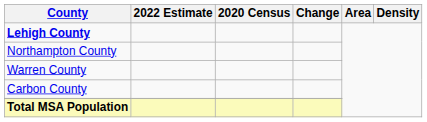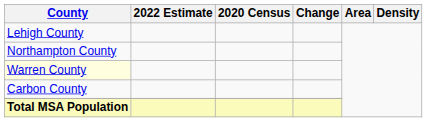 <table class="wikitable sortable">
 <tr>
 <th><a href='#'>County</a></th>
 <th>2022 Estimate</th>
 <th>2020 Census</th>
 <th>Change</th>
 <th>Area</th>
 <th>Density</th>
 </tr>
 <tr>
-<td><strong><a href='#'>Lehigh County</a></strong></td>
+<td><a href='#'>Lehigh County</a></td>
 <td></td>
 <td></td>
 <td></td>
 </tr>
 <tr>
 <td><a href='#'>Northampton County</a></td>
 <td></td>
 <td></td>
 <td></td>
 </tr>
 <tr>
-<td><a href='#'>Warren County</a></td>
+<td style="background: lightyellow;"><a href='#'>Warren County</a></td>
 <td></td>
 <td></td>
 <td></td>
 </tr>
 <tr>
 <td><a href='#'>Carbon County</a></td>
 <td></td>
 <td></td>
 <td></td>
 </tr>
 <tr>
 </tr>
 <tr class=sortbottom style="background:#fbfbbb">
 <td><strong>Total MSA Population</strong></td>
 <td></td>
 <td></td>
 <td></td>
 </tr>
 </table>
